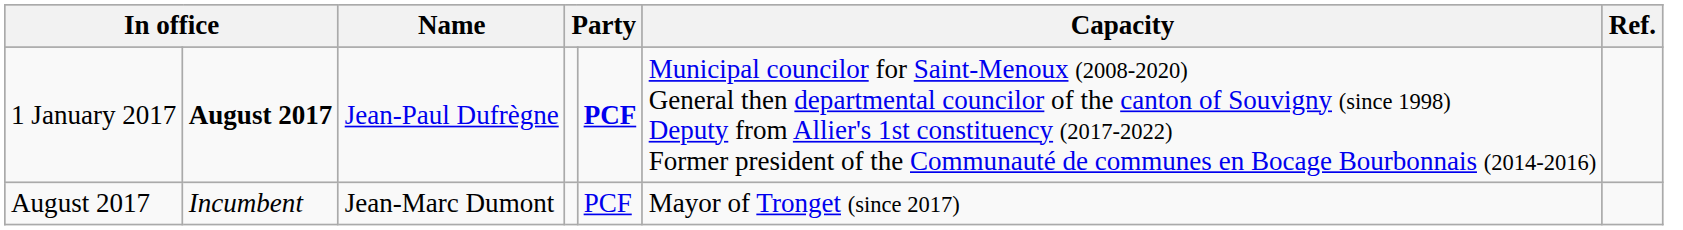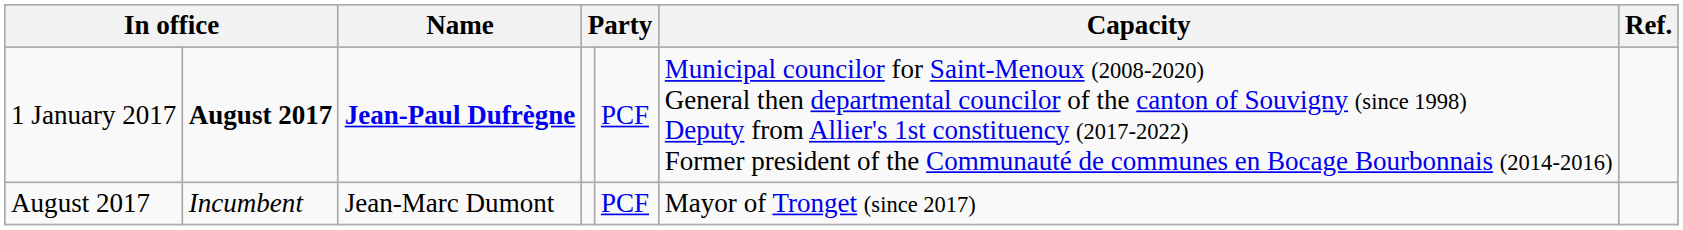 <table class="wikitable">
 <tr>
 <th colspan="2">In office</th>
 <th>Name</th>
 <th colspan="2">Party</th>
 <th>Capacity</th>
 <th>Ref.</th>
 </tr>
 <tr>
 <td>1 January 2017</td>
 <td><strong>August 2017</strong></td>
-<td><a href='#'>Jean-Paul Dufrègne</a></td>
+<td><strong><a href='#'>Jean-Paul Dufrègne</a></strong></td>
 <td style="background:"></td>
-<td><strong><a href='#'>PCF</a></strong></td>
+<td><a href='#'>PCF</a></td>
 <td><a href='#'>Municipal councilor</a> for <a href='#'>Saint-Menoux</a> <small>(2008-2020)</small><br>General then <a href='#'>departmental councilor</a> of the <a href='#'>canton of Souvigny</a> <small>(since 1998)</small><br><a href='#'>Deputy</a> from <a href='#'>Allier's 1st constituency</a> <small>(2017-2022)</small><br>Former president of the <a href='#'>Communauté de communes en Bocage Bourbonnais</a> <small>(2014-2016)</small></td>
 <td></td>
 </tr>
 <tr>
 <td>August 2017</td>
 <td><em>Incumbent</em></td>
 <td>Jean-Marc Dumont</td>
 <td style="background:"></td>
 <td><a href='#'>PCF</a></td>
 <td>Mayor of <a href='#'>Tronget</a> <small>(since 2017)</small></td>
 <td></td>
 </tr>
 </table>
